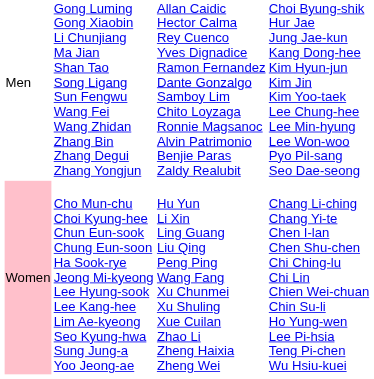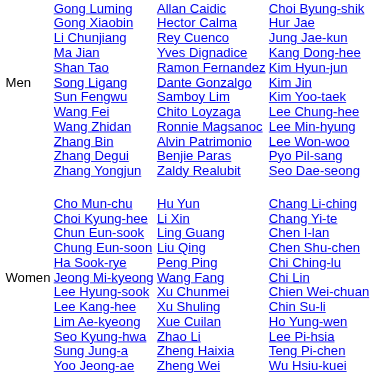 <table>
 <tr>
 <td>Men<br></td>
 <td><br><a href='#'>Gong Luming</a><br><a href='#'>Gong Xiaobin</a><br><a href='#'>Li Chunjiang</a><br><a href='#'>Ma Jian</a><br><a href='#'>Shan Tao</a><br><a href='#'>Song Ligang</a><br><a href='#'>Sun Fengwu</a><br><a href='#'>Wang Fei</a><br><a href='#'>Wang Zhidan</a><br><a href='#'>Zhang Bin</a><br><a href='#'>Zhang Degui</a><br><a href='#'>Zhang Yongjun</a></td>
 <td><br><a href='#'>Allan Caidic</a><br><a href='#'>Hector Calma</a><br><a href='#'>Rey Cuenco</a><br><a href='#'>Yves Dignadice</a><br><a href='#'>Ramon Fernandez</a><br><a href='#'>Dante Gonzalgo</a><br><a href='#'>Samboy Lim</a><br><a href='#'>Chito Loyzaga</a><br><a href='#'>Ronnie Magsanoc</a><br><a href='#'>Alvin Patrimonio</a><br><a href='#'>Benjie Paras</a><br><a href='#'>Zaldy Realubit</a></td>
 <td><br><a href='#'>Choi Byung-shik</a><br><a href='#'>Hur Jae</a><br><a href='#'>Jung Jae-kun</a><br><a href='#'>Kang Dong-hee</a><br><a href='#'>Kim Hyun-jun</a><br><a href='#'>Kim Jin</a><br><a href='#'>Kim Yoo-taek</a><br><a href='#'>Lee Chung-hee</a><br><a href='#'>Lee Min-hyung</a><br><a href='#'>Lee Won-woo</a><br><a href='#'>Pyo Pil-sang</a><br><a href='#'>Seo Dae-seong</a></td>
 </tr>
 <tr>
-<td style="background: pink;">Women<br></td>
+<td>Women<br></td>
 <td><br><a href='#'>Cho Mun-chu</a><br><a href='#'>Choi Kyung-hee</a><br><a href='#'>Chun Eun-sook</a><br><a href='#'>Chung Eun-soon</a><br><a href='#'>Ha Sook-rye</a><br><a href='#'>Jeong Mi-kyeong</a><br><a href='#'>Lee Hyung-sook</a><br><a href='#'>Lee Kang-hee</a><br><a href='#'>Lim Ae-kyeong</a><br><a href='#'>Seo Kyung-hwa</a><br><a href='#'>Sung Jung-a</a><br><a href='#'>Yoo Jeong-ae</a></td>
 <td><br><a href='#'>Hu Yun</a><br><a href='#'>Li Xin</a><br><a href='#'>Ling Guang</a><br><a href='#'>Liu Qing</a><br><a href='#'>Peng Ping</a><br><a href='#'>Wang Fang</a><br><a href='#'>Xu Chunmei</a><br><a href='#'>Xu Shuling</a><br><a href='#'>Xue Cuilan</a><br><a href='#'>Zhao Li</a><br><a href='#'>Zheng Haixia</a><br><a href='#'>Zheng Wei</a></td>
 <td><br><a href='#'>Chang Li-ching</a><br><a href='#'>Chang Yi-te</a><br><a href='#'>Chen I-lan</a><br><a href='#'>Chen Shu-chen</a><br><a href='#'>Chi Ching-lu</a><br><a href='#'>Chi Lin</a><br><a href='#'>Chien Wei-chuan</a><br><a href='#'>Chin Su-li</a><br><a href='#'>Ho Yung-wen</a><br><a href='#'>Lee Pi-hsia</a><br><a href='#'>Teng Pi-chen</a><br><a href='#'>Wu Hsiu-kuei</a></td>
 </tr>
 </table>
